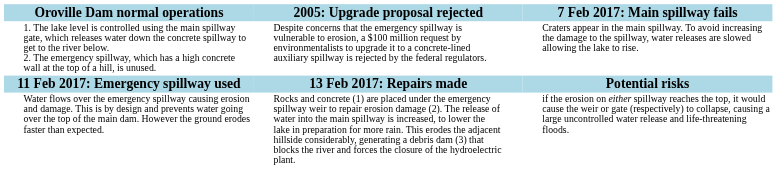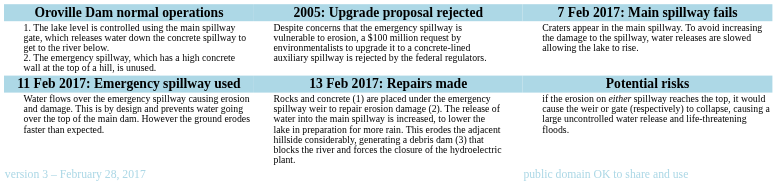 <table style="border-collapse: collapse;">
 <tr style="border: none;">
 <th style="height: 10px; color: white;"></th>
 </tr>
 <tr style="border: none;">
 <th style="width: 250px; background: lightblue;"><strong>Oroville Dam normal operations</strong></th>
 <th style="width: 250px; background: lightblue;"><strong>2005: Upgrade proposal rejected</strong></th>
 <th style="width: 250px; background: lightblue;"><strong>7 Feb 2017: Main spillway fails</strong></th>
 </tr>
 <tr>
 <td style="width:270px; font-size:72%; padding-left: 2em; vertical-align: top;">1. The lake level is controlled using the main spillway gate, which releases water down the concrete spillway to get to the river below. <br>2. The emergency spillway, which has a  high concrete wall at the top of a hill, is unused.</td>
 <td style="width:270px; font-size:72%; padding-left: 2em;padding-right: 2em;  vertical-align: top;">Despite concerns that the emergency spillway is vulnerable to erosion, a $100 million request by environmentalists to upgrade it to a concrete-lined auxiliary spillway is rejected by the federal regulators.</td>
 <td style="width:270px; font-size:72%; padding-left: 2em;vertical-align: top;">Craters appear in the main spillway. To avoid increasing the damage to the spillway, water releases are slowed allowing the lake to rise.</td>
 </tr>
 <tr>
 <td style="padding-left: 2em;"></td>
 <td style="padding-left: 2em;"></td>
 <td style="padding-left: 2em;"></td>
 </tr>
 <tr>
 </tr>
 <tr>
 <th style="width: 270px; background: lightblue;"><strong>11 Feb 2017: Emergency spillway used</strong></th>
 <th style="width: 270px; background: lightblue; vertical-align: top;"><strong>13 Feb 2017: Repairs made</strong></th>
 <th style="width: 270px; background: lightblue; vertical-align: top;"><strong>Potential risks</strong></th>
 </tr>
 <tr>
 <td style=" font-size:72%; padding-left: 2em; vertical-align: top;">Water flows over the emergency spillway causing erosion and damage. This is by design and prevents water going over the top of the main dam. However the ground erodes faster than expected.</td>
 <td style=" font-size:72%; padding-left: 2em; padding-right: 2em; vertical-align: top;">Rocks and concrete (1) are placed under the emergency spillway weir to repair erosion damage (2). The release of water into the main spillway is increased, to lower the lake in preparation for more rain. This erodes the adjacent hillside considerably, generating a debris dam (3) that blocks the river and forces the closure of the hydroelectric plant.</td>
 <td style=" font-size:72%; padding-left: 2em; vertical-align: top;"> if the erosion on <em>either</em> spillway reaches the top, it would cause the weir or gate (respectively) to collapse, causing a large uncontrolled water release and life-threatening floods.</td>
 </tr>
 <tr>
 <td style="padding-left: 2em;"></td>
 <td style="padding-left: 2em;"></td>
 <td style="padding-left: 2em;"></td>
 </tr>
+<tr style="border-collapse: collapse;">
+<td style=" background:white; color: lightblue; font-size:86%;">version 3 – February 28, 2017</td>
+<td style=" background:white; color: lightblue; font-size:86%;"> </td>
+<td style=" background:white; color: lightblue; font-size:86%;">public domain OK to share and use</td>
+</tr>
 </table>
